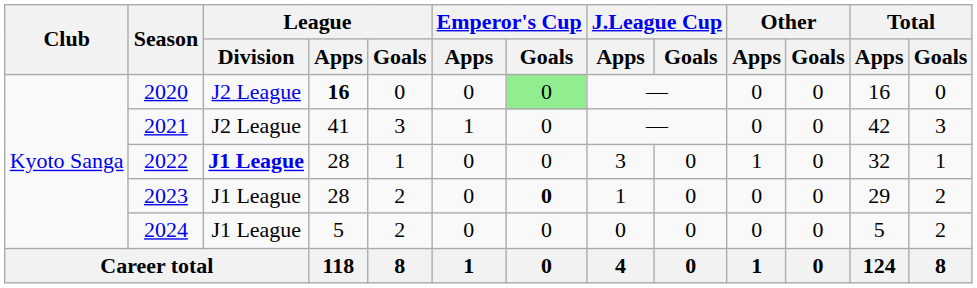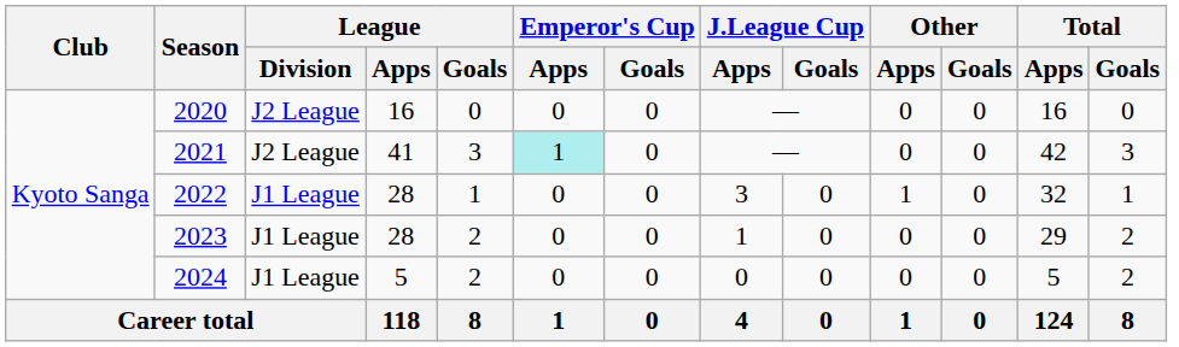 <table class="wikitable" style="text-align: center">
 <tr>
 <th rowspan="2">Club</th>
 <th rowspan="2">Season</th>
 <th colspan="3">League</th>
 <th colspan="2"><a href='#'>Emperor's Cup</a></th>
 <th colspan="2"><a href='#'>J.League Cup</a></th>
 <th colspan="2">Other</th>
 <th colspan="2">Total</th>
 </tr>
 <tr>
 <th>Division</th>
 <th>Apps</th>
 <th>Goals</th>
 <th>Apps</th>
 <th>Goals</th>
 <th>Apps</th>
 <th>Goals</th>
 <th>Apps</th>
 <th>Goals</th>
 <th>Apps</th>
 <th>Goals</th>
 </tr>
 <tr>
 <td rowspan="5"><a href='#'>Kyoto Sanga</a></td>
 <td><a href='#'>2020</a></td>
 <td><a href='#'>J2 League</a></td>
-<td><strong>16</strong></td>
+<td>16</td>
 <td>0</td>
 <td>0</td>
-<td style="background: lightgreen;">0</td>
+<td>0</td>
 <td colspan="2">—</td>
 <td>0</td>
 <td>0</td>
 <td>16</td>
 <td>0</td>
 </tr>
 <tr>
 <td><a href='#'>2021</a></td>
 <td>J2 League</td>
 <td>41</td>
 <td>3</td>
-<td>1</td>
+<td style="background: paleturquoise;">1</td>
 <td>0</td>
 <td colspan="2">—</td>
 <td>0</td>
 <td>0</td>
 <td>42</td>
 <td>3</td>
 </tr>
 <tr>
 <td><a href='#'>2022</a></td>
-<td><strong><a href='#'>J1 League</a></strong></td>
+<td><a href='#'>J1 League</a></td>
 <td>28</td>
 <td>1</td>
 <td>0</td>
 <td>0</td>
 <td>3</td>
 <td>0</td>
 <td>1</td>
 <td>0</td>
 <td>32</td>
 <td>1</td>
 </tr>
 <tr>
 <td><a href='#'>2023</a></td>
 <td>J1 League</td>
 <td>28</td>
 <td>2</td>
 <td>0</td>
-<td><strong>0</strong></td>
+<td>0</td>
 <td>1</td>
 <td>0</td>
 <td>0</td>
 <td>0</td>
 <td>29</td>
 <td>2</td>
 </tr>
 <tr>
 <td><a href='#'>2024</a></td>
 <td>J1 League</td>
 <td>5</td>
 <td>2</td>
 <td>0</td>
 <td>0</td>
 <td>0</td>
 <td>0</td>
 <td>0</td>
 <td>0</td>
 <td>5</td>
 <td>2</td>
 </tr>
 <tr>
 <th colspan="3">Career total</th>
 <th>118</th>
 <th>8</th>
 <th>1</th>
 <th>0</th>
 <th>4</th>
 <th>0</th>
 <th>1</th>
 <th>0</th>
 <th>124</th>
 <th>8</th>
 </tr>
 </table>
